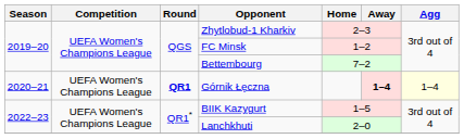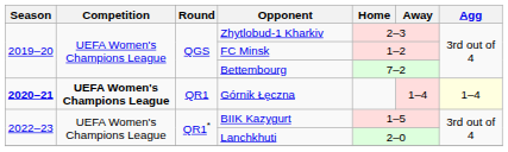 <table class="wikitable" style="font-size:95%; text-align: center;">
 <tr>
 <th width="60">Season</th>
 <th width="150">Competition</th>
 <th width="30">Round</th>
 <th width="170">Opponent</th>
 <th width="50">Home</th>
 <th width="50">Away</th>
 <th width="75"><a href='#'>Agg</a></th>
 </tr>
 <tr>
 <td rowspan="3"><a href='#'>2019–20</a></td>
 <td rowspan="3"><a href='#'>UEFA Women's Champions League</a></td>
 <td rowspan="3"><a href='#'>QGS</a></td>
 <td align="left"> <a href='#'>Zhytlobud-1 Kharkiv</a></td>
 <td colspan="2" bgcolor="#ffdddd">2–3</td>
 <td rowspan="3">3rd out of 4</td>
 </tr>
 <tr>
 <td align="left"> <a href='#'>FC Minsk</a></td>
 <td colspan="2" bgcolor="#ffdddd">1–2</td>
 </tr>
 <tr>
 <td align="left"> <a href='#'>Bettembourg</a></td>
 <td colspan="2" bgcolor="#ddffdd">7–2</td>
 </tr>
 <tr>
-<td rowspan="1"><a href='#'>2020–21</a></td>
-<td rowspan="1">UEFA Women's Champions League</td>
-<td rowspan="1"><strong><a href='#'>QR1</a></strong></td>
+<td rowspan="1"><strong><a href='#'>2020–21</a></strong></td>
+<td rowspan="1"><strong>UEFA Women's Champions League</strong></td>
+<td rowspan="1"><a href='#'>QR1</a></td>
 <td align="left"> <a href='#'>Górnik Łęczna</a></td>
 <td></td>
-<td bgcolor="#ffdddd"><strong>1–4</strong></td>
+<td bgcolor="#ffdddd">1–4</td>
 <td style="background: lightyellow;">1–4</td>
 </tr>
 <tr>
 <td rowspan="2"><a href='#'>2022–23</a></td>
 <td rowspan="2">UEFA Women's Champions League</td>
 <td rowspan="2"><a href='#'>QR1</a><sup>*</sup></td>
 <td align="left"> <a href='#'>BIIK Kazygurt</a></td>
 <td colspan="2" bgcolor="#ffdddd">1–5</td>
 <td rowspan="2">3rd out of 4</td>
 </tr>
 <tr>
 <td align="left"> <a href='#'>Lanchkhuti</a></td>
 <td colspan="2" bgcolor="#ddffdd">2–0</td>
 </tr>
 <tr>
 </tr>
 </table>
